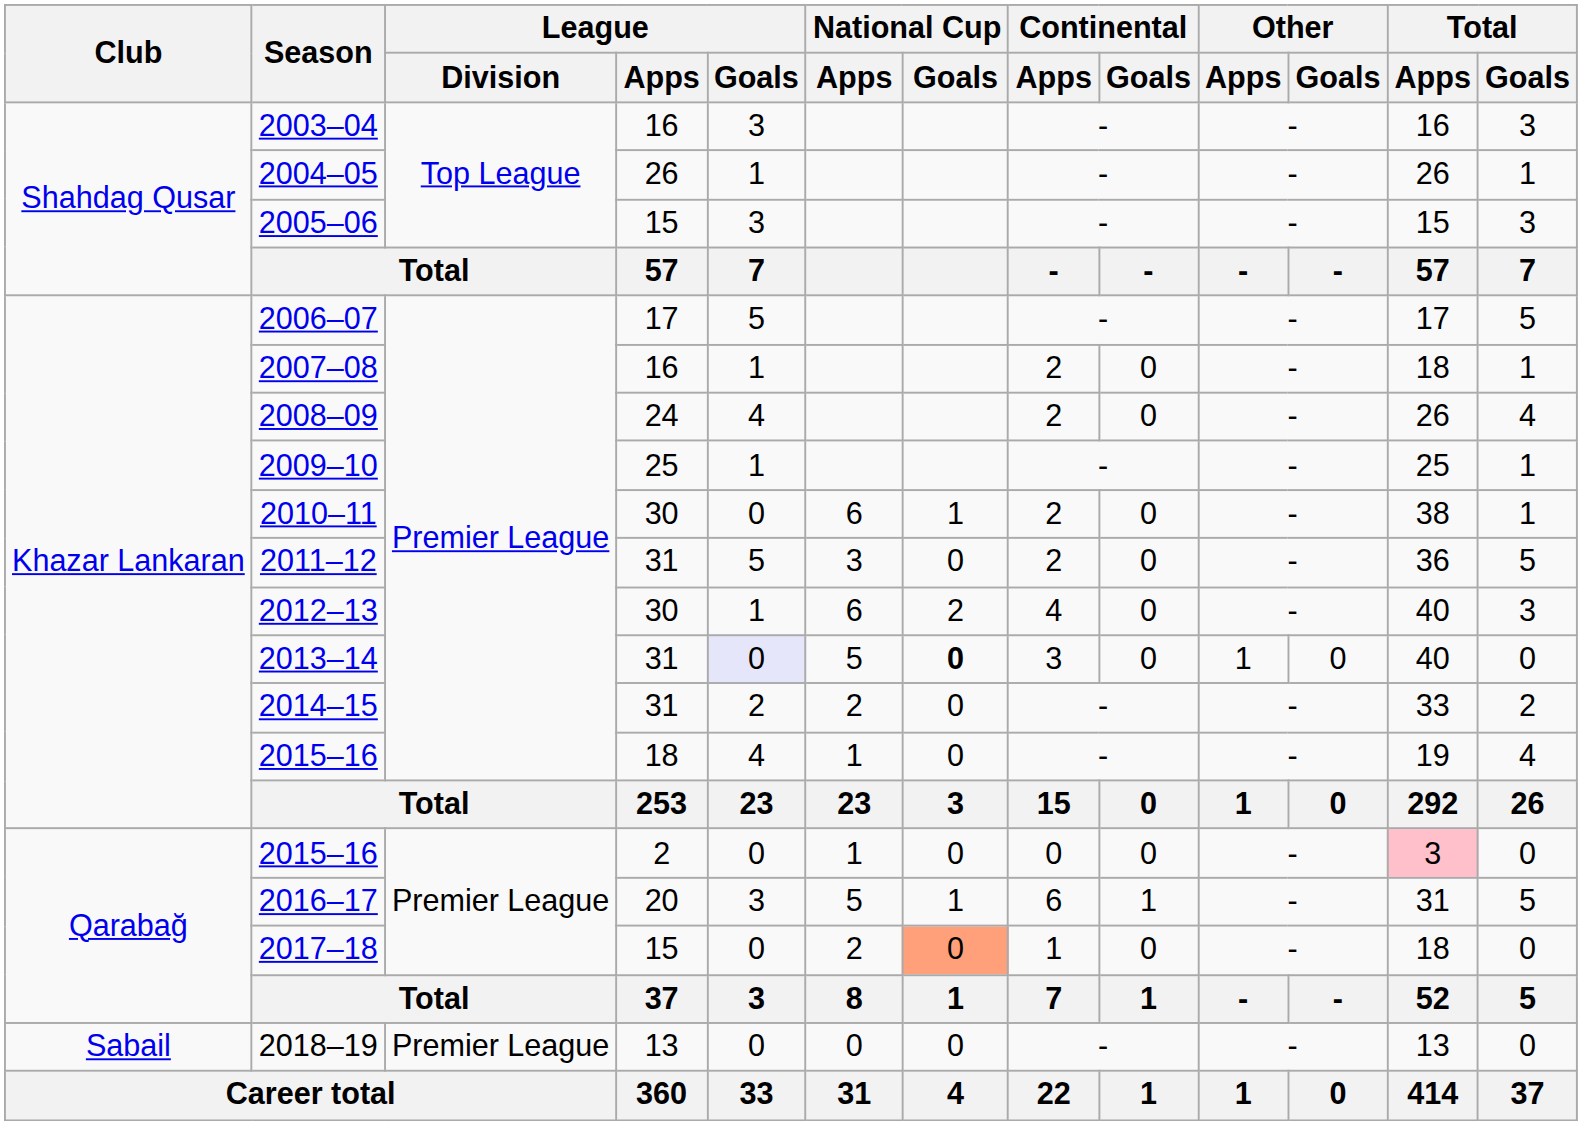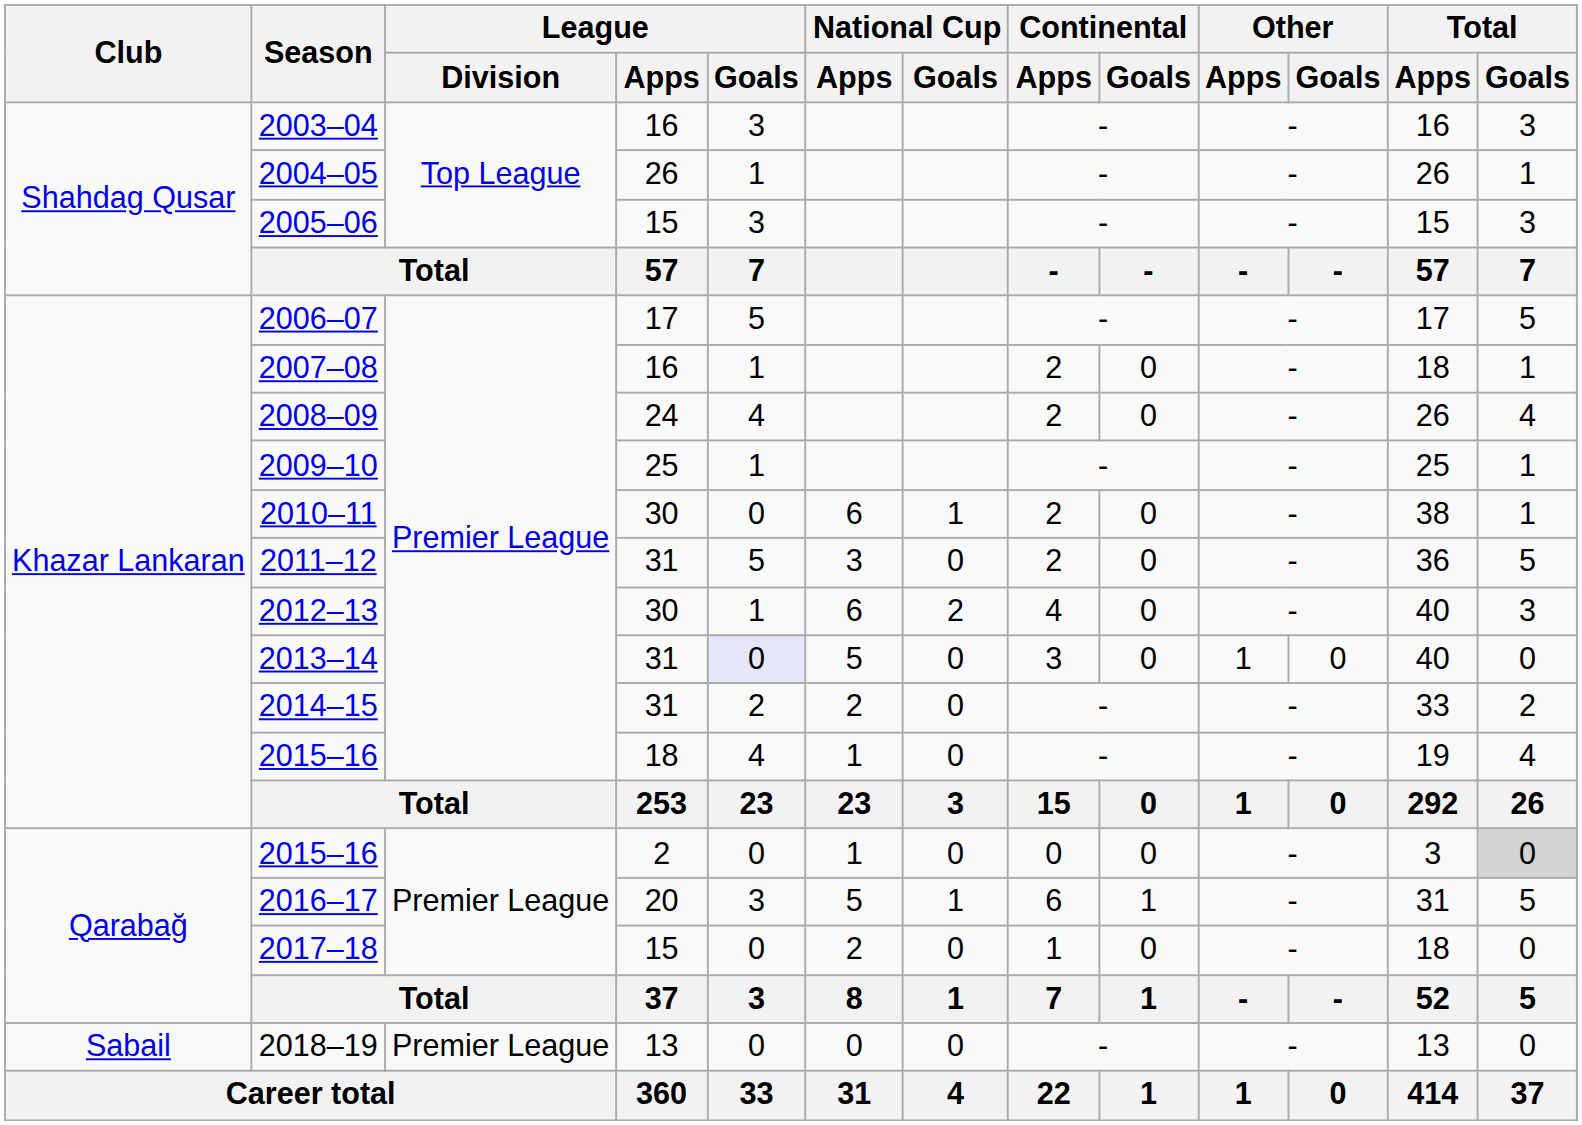 <table class="wikitable" style="text-align: center;">
 <tr>
 <th rowspan="2">Club</th>
 <th rowspan="2">Season</th>
 <th colspan="3">League</th>
 <th colspan="2">National Cup</th>
 <th colspan="2">Continental</th>
 <th colspan="2">Other</th>
 <th colspan="2">Total</th>
 </tr>
 <tr>
 <th>Division</th>
 <th>Apps</th>
 <th>Goals</th>
 <th>Apps</th>
 <th>Goals</th>
 <th>Apps</th>
 <th>Goals</th>
 <th>Apps</th>
 <th>Goals</th>
 <th>Apps</th>
 <th>Goals</th>
 </tr>
 <tr>
 <td rowspan="4"><a href='#'>Shahdag Qusar</a></td>
 <td><a href='#'>2003–04</a></td>
 <td rowspan="3"><a href='#'>Top League</a></td>
 <td>16</td>
 <td>3</td>
 <td></td>
 <td></td>
 <td colspan="2">-</td>
 <td colspan="2">-</td>
 <td>16</td>
 <td>3</td>
 </tr>
 <tr>
 <td><a href='#'>2004–05</a></td>
 <td>26</td>
 <td>1</td>
 <td></td>
 <td></td>
 <td colspan="2">-</td>
 <td colspan="2">-</td>
 <td>26</td>
 <td>1</td>
 </tr>
 <tr>
 <td><a href='#'>2005–06</a></td>
 <td>15</td>
 <td>3</td>
 <td></td>
 <td></td>
 <td colspan="2">-</td>
 <td colspan="2">-</td>
 <td>15</td>
 <td>3</td>
 </tr>
 <tr>
 <th colspan="2">Total</th>
 <th>57</th>
 <th>7</th>
 <th></th>
 <th></th>
 <th>-</th>
 <th>-</th>
 <th>-</th>
 <th>-</th>
 <th>57</th>
 <th>7</th>
 </tr>
 <tr>
 <td rowspan="11"><a href='#'>Khazar Lankaran</a></td>
 <td><a href='#'>2006–07</a></td>
 <td rowspan="10"><a href='#'>Premier League</a></td>
 <td>17</td>
 <td>5</td>
 <td></td>
 <td></td>
 <td colspan="2">-</td>
 <td colspan="2">-</td>
 <td>17</td>
 <td>5</td>
 </tr>
 <tr>
 <td><a href='#'>2007–08</a></td>
 <td>16</td>
 <td>1</td>
 <td></td>
 <td></td>
 <td>2</td>
 <td>0</td>
 <td colspan="2">-</td>
 <td>18</td>
 <td>1</td>
 </tr>
 <tr>
 <td><a href='#'>2008–09</a></td>
 <td>24</td>
 <td>4</td>
 <td></td>
 <td></td>
 <td>2</td>
 <td>0</td>
 <td colspan="2">-</td>
 <td>26</td>
 <td>4</td>
 </tr>
 <tr>
 <td><a href='#'>2009–10</a></td>
 <td>25</td>
 <td>1</td>
 <td></td>
 <td></td>
 <td colspan="2">-</td>
 <td colspan="2">-</td>
 <td>25</td>
 <td>1</td>
 </tr>
 <tr>
 <td><a href='#'>2010–11</a></td>
 <td>30</td>
 <td>0</td>
 <td>6</td>
 <td>1</td>
 <td>2</td>
 <td>0</td>
 <td colspan="2">-</td>
 <td>38</td>
 <td>1</td>
 </tr>
 <tr>
 <td><a href='#'>2011–12</a></td>
 <td>31</td>
 <td>5</td>
 <td>3</td>
 <td>0</td>
 <td>2</td>
 <td>0</td>
 <td colspan="2">-</td>
 <td>36</td>
 <td>5</td>
 </tr>
 <tr>
 <td><a href='#'>2012–13</a></td>
 <td>30</td>
 <td>1</td>
 <td>6</td>
 <td>2</td>
 <td>4</td>
 <td>0</td>
 <td colspan="2">-</td>
 <td>40</td>
 <td>3</td>
 </tr>
 <tr>
 <td><a href='#'>2013–14</a></td>
 <td>31</td>
 <td style="background: lavender;">0</td>
 <td>5</td>
-<td><strong>0</strong></td>
+<td>0</td>
 <td>3</td>
 <td>0</td>
 <td>1</td>
 <td>0</td>
 <td>40</td>
 <td>0</td>
 </tr>
 <tr>
 <td><a href='#'>2014–15</a></td>
 <td>31</td>
 <td>2</td>
 <td>2</td>
 <td>0</td>
 <td colspan="2">-</td>
 <td colspan="2">-</td>
 <td>33</td>
 <td>2</td>
 </tr>
 <tr>
 <td><a href='#'>2015–16</a></td>
 <td>18</td>
 <td>4</td>
 <td>1</td>
 <td>0</td>
 <td colspan="2">-</td>
 <td colspan="2">-</td>
 <td>19</td>
 <td>4</td>
 </tr>
 <tr>
 <th colspan="2">Total</th>
 <th>253</th>
 <th>23</th>
 <th>23</th>
 <th>3</th>
 <th>15</th>
 <th>0</th>
 <th>1</th>
 <th>0</th>
 <th>292</th>
 <th>26</th>
 </tr>
 <tr>
 <td rowspan="4"><a href='#'>Qarabağ</a></td>
 <td><a href='#'>2015–16</a></td>
 <td rowspan="3">Premier League</td>
 <td>2</td>
 <td>0</td>
 <td>1</td>
 <td>0</td>
 <td>0</td>
 <td>0</td>
 <td colspan="2">-</td>
-<td style="background: pink;">3</td>
-<td>0</td>
+<td>3</td>
+<td style="background: lightgrey;">0</td>
 </tr>
 <tr>
 <td><a href='#'>2016–17</a></td>
 <td>20</td>
 <td>3</td>
 <td>5</td>
 <td>1</td>
 <td>6</td>
 <td>1</td>
 <td colspan="2">-</td>
 <td>31</td>
 <td>5</td>
 </tr>
 <tr>
 <td><a href='#'>2017–18</a></td>
 <td>15</td>
 <td>0</td>
 <td>2</td>
-<td style="background: lightsalmon;">0</td>
+<td>0</td>
 <td>1</td>
 <td>0</td>
 <td colspan="2">-</td>
 <td>18</td>
 <td>0</td>
 </tr>
 <tr>
 <th colspan="2">Total</th>
 <th>37</th>
 <th>3</th>
 <th>8</th>
 <th>1</th>
 <th>7</th>
 <th>1</th>
 <th>-</th>
 <th>-</th>
 <th>52</th>
 <th>5</th>
 </tr>
 <tr>
 <td><a href='#'>Sabail</a></td>
 <td>2018–19</td>
 <td>Premier League</td>
 <td>13</td>
 <td>0</td>
 <td>0</td>
 <td>0</td>
 <td colspan="2">-</td>
 <td colspan="2">-</td>
 <td>13</td>
 <td>0</td>
 </tr>
 <tr>
 <th colspan="3">Career total</th>
 <th>360</th>
 <th>33</th>
 <th>31</th>
 <th>4</th>
 <th>22</th>
 <th>1</th>
 <th>1</th>
 <th>0</th>
 <th>414</th>
 <th>37</th>
 </tr>
 </table>
